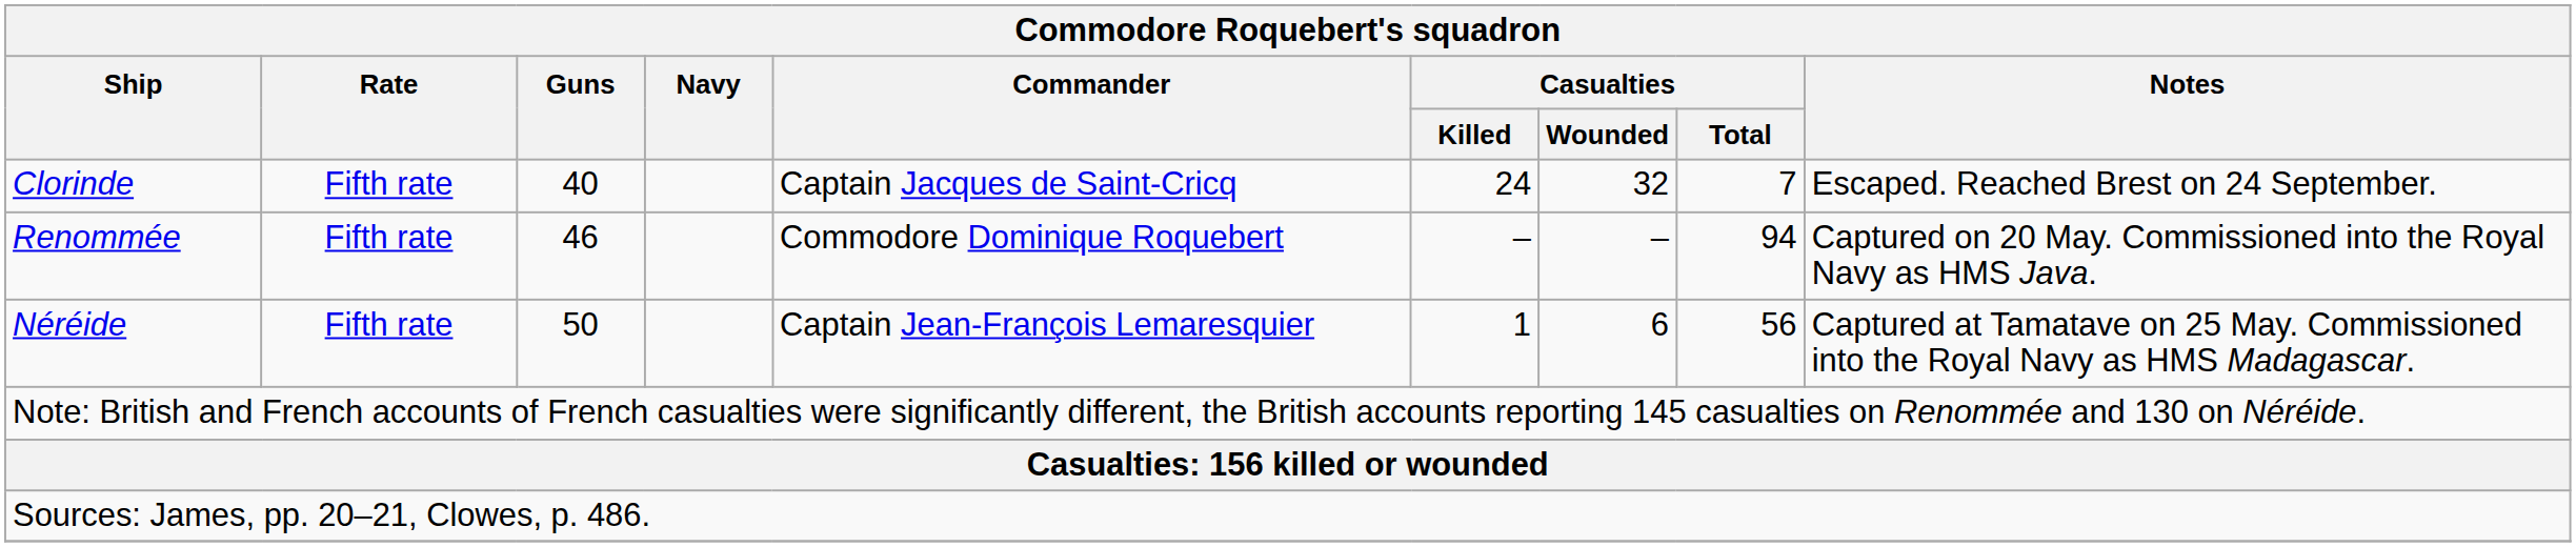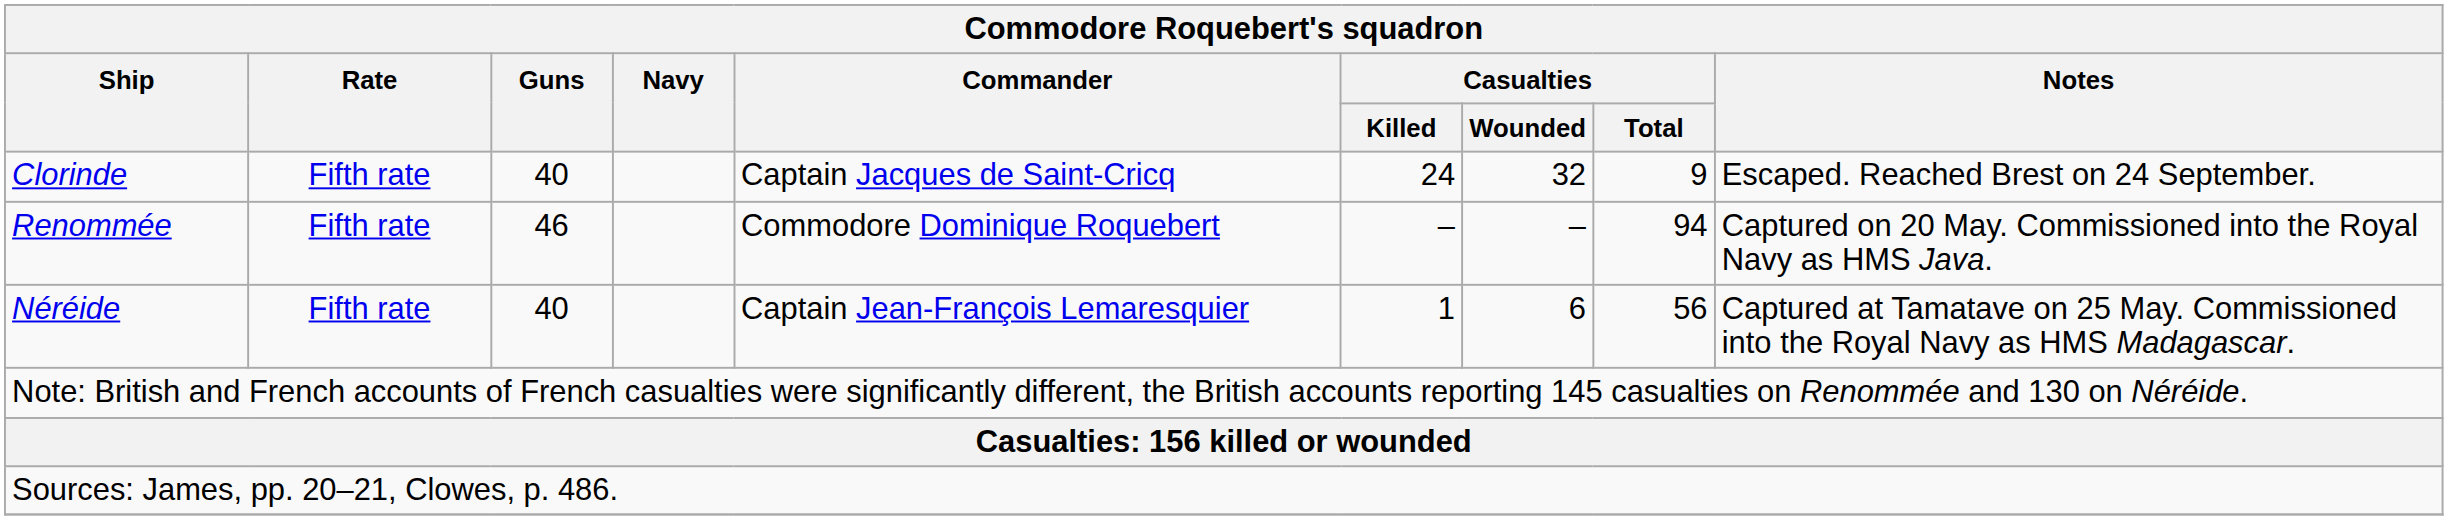 <table class="wikitable" width=100%>
 <tr valign="top">
 <th colspan="11" bgcolor="white">Commodore Roquebert's squadron</th>
 </tr>
 <tr valign="top"|- valign="top">
 <th width=10%; align=center rowspan=2><small> Ship </small></th>
 <th width=10%; align=center rowspan=2><small> Rate </small></th>
 <th width=5%; align=center rowspan=2><small> Guns </small></th>
 <th width=5%; align=center rowspan=2><small> Navy </small></th>
 <th width=25%; align=center rowspan=2><small> Commander </small></th>
 <th width=15%; align=center colspan=3><small>Casualties</small></th>
 <th width=30%; align=center rowspan=2><small>Notes</small></th>
 </tr>
 <tr valign="top">
 <th width=5%; align=center><small> Killed </small></th>
 <th width=5%; align=center><small> Wounded </small></th>
 <th width=5%; align=center><small> Total</small></th>
 </tr>
 <tr valign="top">
 <td align=left><em><a href='#'>Clorinde</a></em></td>
 <td align=center><a href='#'>Fifth rate</a></td>
 <td align=center>40</td>
 <td align=center></td>
 <td align=left>Captain <a href='#'>Jacques de Saint-Cricq</a></td>
 <td align=right>24</td>
 <td align=right>32</td>
-<td align=right>7</td>
+<td align=right>9</td>
 <td align=left>Escaped. Reached Brest on 24 September.</td>
 </tr>
 <tr valign="top">
 <td align=left><em><a href='#'>Renommée</a></em></td>
 <td align=center><a href='#'>Fifth rate</a></td>
 <td align=center>46</td>
 <td align=center></td>
 <td align=left>Commodore <a href='#'>Dominique Roquebert</a> </td>
 <td align=right>–</td>
 <td align=right>–</td>
 <td align=right>94</td>
 <td align=left>Captured on 20 May. Commissioned into the Royal Navy as HMS <em>Java</em>.</td>
 </tr>
 <tr valign="top">
 <td align=left><em><a href='#'>Néréide</a></em></td>
 <td align=center><a href='#'>Fifth rate</a></td>
-<td align=center>50</td>
+<td align=center>40</td>
 <td align=center></td>
 <td align=left>Captain <a href='#'>Jean-François Lemaresquier</a> </td>
 <td align=right>1</td>
 <td align=right>6</td>
 <td align=right>56</td>
 <td align=left>Captured at Tamatave on 25 May. Commissioned into the Royal Navy as HMS <em>Madagascar</em>.</td>
 </tr>
 <tr valign="top">
 <td colspan="9" align="left">Note: British and French accounts of French casualties were significantly different, the British accounts reporting 145 casualties on <em>Renommée</em> and 130 on <em>Néréide</em>.</td>
 </tr>
 <tr valign="top">
 <th colspan="11" bgcolor="white">Casualties: 156 killed or wounded</th>
 </tr>
 <tr valign="top">
 <td colspan="9" align="left">Sources: James, pp. 20–21, Clowes, p. 486.</td>
 </tr>
 <tr>
 </tr>
 </table>
